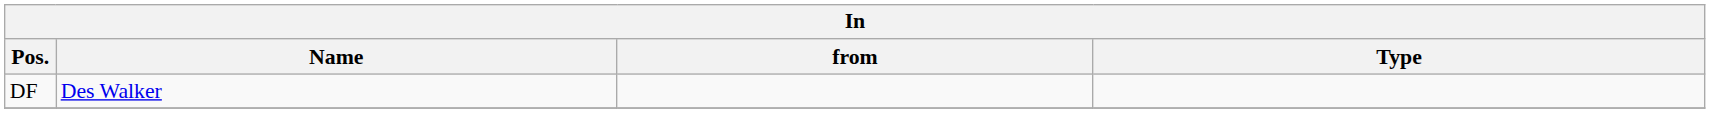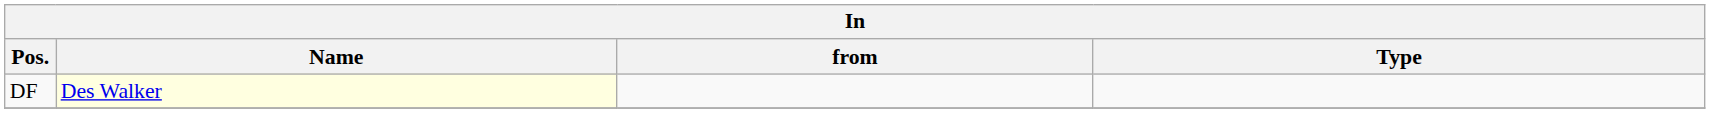 <table class="wikitable" style="font-size:100%;width:99%;">
 <tr>
 <th colspan="4">In</th>
 </tr>
 <tr>
 <th width=3%>Pos.</th>
 <th width=33%>Name</th>
 <th width=28%>from</th>
 <th width=36%>Type</th>
 </tr>
 <tr>
 <td>DF</td>
-<td><a href='#'>Des Walker</a></td>
+<td style="background: lightyellow;"><a href='#'>Des Walker</a></td>
 <td></td>
 <td></td>
 </tr>
 <tr>
 </tr>
 </table>
